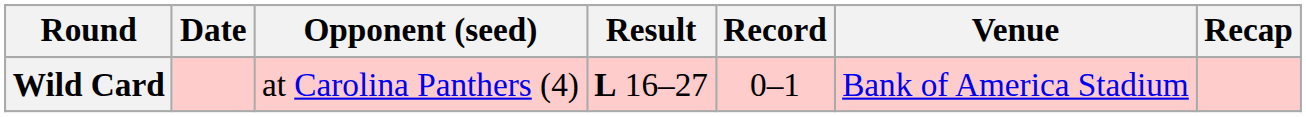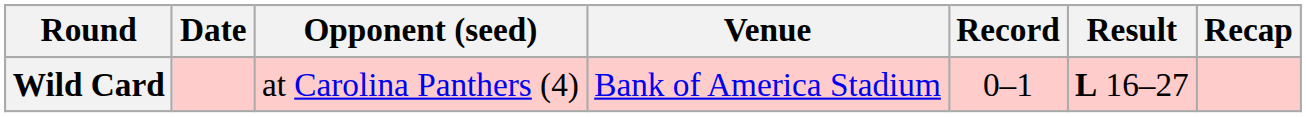 <table class="wikitable" style="text-align:center">
 <tr>
 <th>Round</th>
 <th>Date</th>
 <th>Opponent (seed)</th>
+<th>Venue</th>
+<th>Record</th>
 <th>Result</th>
-<th>Record</th>
-<th>Venue</th>
 <th>Recap</th>
 </tr>
 <tr style="background:#fcc; text-align:center;">
 <th>Wild Card</th>
 <td></td>
 <td>at <a href='#'>Carolina Panthers</a> (4)</td>
+<td><a href='#'>Bank of America Stadium</a></td>
+<td>0–1</td>
 <td><strong>L</strong> 16–27</td>
-<td>0–1</td>
-<td><a href='#'>Bank of America Stadium</a></td>
 <td></td>
 </tr>
 </table>
